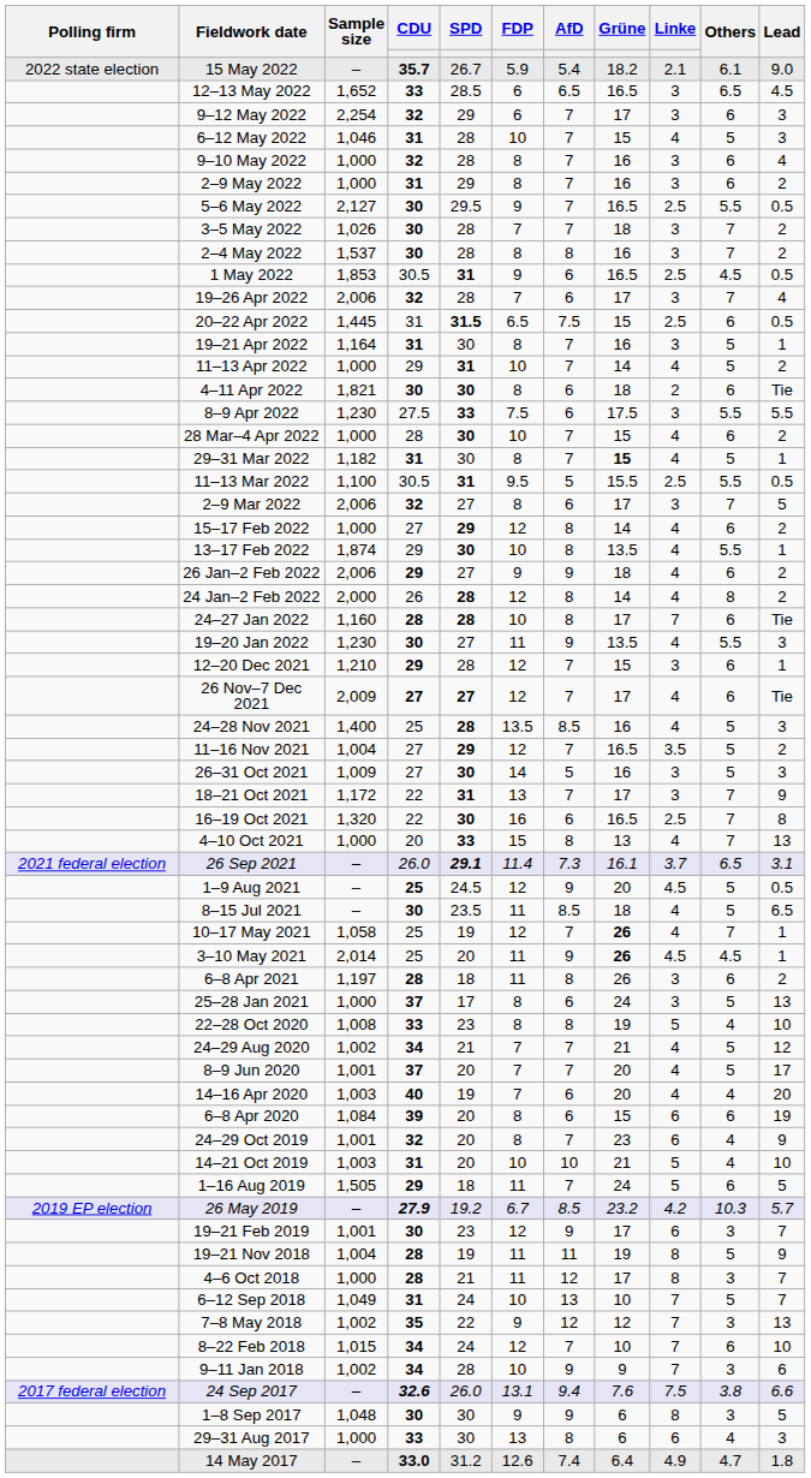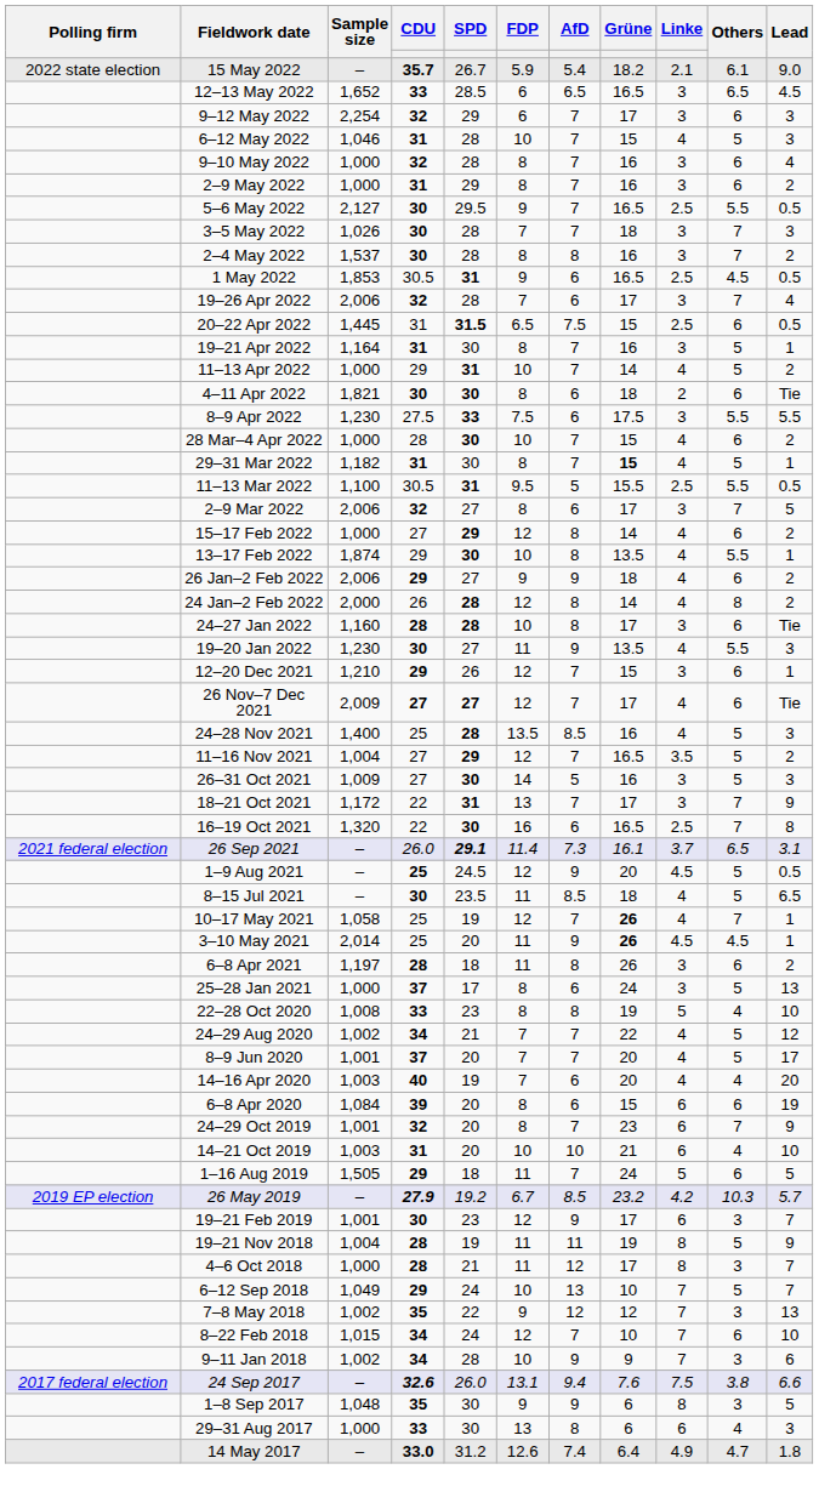 <table class="wikitable sortable" style="text-align:center;font-size:90%;line-height:14px;">
 <tr style="height:40px;">
 <th style="width:150px;" rowspan="2">Polling firm</th>
 <th style="width:125px;" rowspan="2">Fieldwork date</th>
 <th style="width:35px;" rowspan="2">Sample<br>size</th>
 <th class="unsortable" style="width:40px;"><a href='#'>CDU</a></th>
 <th class="unsortable" style="width:40px;"><a href='#'>SPD</a></th>
 <th class="unsortable" style="width:40px;"><a href='#'>FDP</a></th>
 <th class="unsortable" style="width:40px;"><a href='#'>AfD</a></th>
 <th class="unsortable" style="width:40px;"><a href='#'>Grüne</a></th>
 <th class="unsortable" style="width:40px;"><a href='#'>Linke</a></th>
 <th class="unsortable" style="width:40px;" rowspan="2">Others</th>
 <th style="width:30px;" rowspan="2">Lead</th>
 </tr>
 <tr>
 <th style="background:"></th>
 <th style="background:"></th>
 <th style="background:"></th>
 <th style="background:"></th>
 <th style="background:"></th>
 <th style="background:"></th>
 </tr>
 <tr style="background:#E9E9E9;">
 <td>2022 state election</td>
 <td data-sort-value="2022-05-15">15 May 2022</td>
 <td>–</td>
 <td><strong>35.7</strong></td>
 <td>26.7</td>
 <td>5.9</td>
 <td>5.4</td>
 <td>18.2</td>
 <td>2.1</td>
 <td>6.1</td>
 <td style="background:">9.0</td>
 </tr>
 <tr>
 <td></td>
 <td>12–13 May 2022</td>
 <td>1,652</td>
 <td><strong>33</strong></td>
 <td>28.5</td>
 <td>6</td>
 <td>6.5</td>
 <td>16.5</td>
 <td>3</td>
 <td>6.5</td>
 <td style="background:">4.5</td>
 </tr>
 <tr>
 <td></td>
 <td>9–12 May 2022</td>
 <td>2,254</td>
 <td><strong>32</strong></td>
 <td>29</td>
 <td>6</td>
 <td>7</td>
 <td>17</td>
 <td>3</td>
 <td>6</td>
 <td style="background:">3</td>
 </tr>
 <tr>
 <td></td>
 <td>6–12 May 2022</td>
 <td>1,046</td>
 <td><strong>31</strong></td>
 <td>28</td>
 <td>10</td>
 <td>7</td>
 <td>15</td>
 <td>4</td>
 <td>5</td>
 <td style="background:">3</td>
 </tr>
 <tr>
 <td></td>
 <td>9–10 May 2022</td>
 <td>1,000</td>
 <td><strong>32</strong></td>
 <td>28</td>
 <td>8</td>
 <td>7</td>
 <td>16</td>
 <td>3</td>
 <td>6</td>
 <td style="background:">4</td>
 </tr>
 <tr>
 <td></td>
 <td>2–9 May 2022</td>
 <td>1,000</td>
 <td><strong>31</strong></td>
 <td>29</td>
 <td>8</td>
 <td>7</td>
 <td>16</td>
 <td>3</td>
 <td>6</td>
 <td style="background:">2</td>
 </tr>
 <tr>
 <td></td>
 <td>5–6 May 2022</td>
 <td>2,127</td>
 <td><strong>30</strong></td>
 <td>29.5</td>
 <td>9</td>
 <td>7</td>
 <td>16.5</td>
 <td>2.5</td>
 <td>5.5</td>
 <td style="background:">0.5</td>
 </tr>
 <tr>
 <td></td>
 <td>3–5 May 2022</td>
 <td>1,026</td>
 <td><strong>30</strong></td>
 <td>28</td>
 <td>7</td>
 <td>7</td>
 <td>18</td>
 <td>3</td>
 <td>7</td>
-<td style="background:">2</td>
+<td style="background:">3</td>
 </tr>
 <tr>
 <td></td>
 <td>2–4 May 2022</td>
 <td>1,537</td>
 <td><strong>30</strong></td>
 <td>28</td>
 <td>8</td>
 <td>8</td>
 <td>16</td>
 <td>3</td>
 <td>7</td>
 <td style="background:">2</td>
 </tr>
 <tr>
 <td></td>
 <td>1 May 2022</td>
 <td>1,853</td>
 <td>30.5</td>
 <td><strong>31</strong></td>
 <td>9</td>
 <td>6</td>
 <td>16.5</td>
 <td>2.5</td>
 <td>4.5</td>
 <td style="background:">0.5</td>
 </tr>
 <tr>
 <td></td>
 <td>19–26 Apr 2022</td>
 <td>2,006</td>
 <td><strong>32</strong></td>
 <td>28</td>
 <td>7</td>
 <td>6</td>
 <td>17</td>
 <td>3</td>
 <td>7</td>
 <td style="background:">4</td>
 </tr>
 <tr>
 <td></td>
 <td>20–22 Apr 2022</td>
 <td>1,445</td>
 <td>31</td>
 <td><strong>31.5</strong></td>
 <td>6.5</td>
 <td>7.5</td>
 <td>15</td>
 <td>2.5</td>
 <td>6</td>
 <td style="background:">0.5</td>
 </tr>
 <tr>
 <td></td>
 <td>19–21 Apr 2022</td>
 <td>1,164</td>
 <td><strong>31</strong></td>
 <td>30</td>
 <td>8</td>
 <td>7</td>
 <td>16</td>
 <td>3</td>
 <td>5</td>
 <td style="background:">1</td>
 </tr>
 <tr>
 <td></td>
 <td>11–13 Apr 2022</td>
 <td>1,000</td>
 <td>29</td>
 <td><strong>31</strong></td>
 <td>10</td>
 <td>7</td>
 <td>14</td>
 <td>4</td>
 <td>5</td>
 <td style="background:">2</td>
 </tr>
 <tr>
 <td></td>
 <td>4–11 Apr 2022</td>
 <td>1,821</td>
 <td><strong>30</strong></td>
 <td><strong>30</strong></td>
 <td>8</td>
 <td>6</td>
 <td>18</td>
 <td>2</td>
 <td>6</td>
 <td>Tie</td>
 </tr>
 <tr>
 <td></td>
 <td>8–9 Apr 2022</td>
 <td>1,230</td>
 <td>27.5</td>
 <td><strong>33</strong></td>
 <td>7.5</td>
 <td>6</td>
 <td>17.5</td>
 <td>3</td>
 <td>5.5</td>
 <td style="background:">5.5</td>
 </tr>
 <tr>
 <td></td>
 <td>28 Mar–4 Apr 2022</td>
 <td>1,000</td>
 <td>28</td>
 <td><strong>30</strong></td>
 <td>10</td>
 <td>7</td>
 <td>15</td>
 <td>4</td>
 <td>6</td>
 <td style="background:">2</td>
 </tr>
 <tr>
 <td></td>
 <td>29–31 Mar 2022</td>
 <td>1,182</td>
 <td><strong>31</strong></td>
 <td>30</td>
 <td>8</td>
 <td>7</td>
 <td><strong>15</strong></td>
 <td>4</td>
 <td>5</td>
 <td style="background:">1</td>
 </tr>
 <tr>
 <td></td>
 <td>11–13 Mar 2022</td>
 <td>1,100</td>
 <td>30.5</td>
 <td><strong>31</strong></td>
 <td>9.5</td>
 <td>5</td>
 <td>15.5</td>
 <td>2.5</td>
 <td>5.5</td>
 <td style="background:">0.5</td>
 </tr>
 <tr>
 <td></td>
 <td>2–9 Mar 2022</td>
 <td>2,006</td>
 <td><strong>32</strong></td>
 <td>27</td>
 <td>8</td>
 <td>6</td>
 <td>17</td>
 <td>3</td>
 <td>7</td>
 <td style="background:">5</td>
 </tr>
 <tr>
 <td></td>
 <td>15–17 Feb 2022</td>
 <td>1,000</td>
 <td>27</td>
 <td><strong>29</strong></td>
 <td>12</td>
 <td>8</td>
 <td>14</td>
 <td>4</td>
 <td>6</td>
 <td style="background:">2</td>
 </tr>
 <tr>
 <td></td>
 <td>13–17 Feb 2022</td>
 <td>1,874</td>
 <td>29</td>
 <td><strong>30</strong></td>
 <td>10</td>
 <td>8</td>
 <td>13.5</td>
 <td>4</td>
 <td>5.5</td>
 <td style="background:">1</td>
 </tr>
 <tr>
 <td></td>
 <td>26 Jan–2 Feb 2022</td>
 <td>2,006</td>
 <td><strong>29</strong></td>
 <td>27</td>
 <td>9</td>
 <td>9</td>
 <td>18</td>
 <td>4</td>
 <td>6</td>
 <td style="background:">2</td>
 </tr>
 <tr>
 <td></td>
 <td>24 Jan–2 Feb 2022</td>
 <td>2,000</td>
 <td>26</td>
 <td><strong>28</strong></td>
 <td>12</td>
 <td>8</td>
 <td>14</td>
 <td>4</td>
 <td>8</td>
 <td style="background:">2</td>
 </tr>
 <tr>
 <td></td>
 <td>24–27 Jan 2022</td>
 <td>1,160</td>
 <td><strong>28</strong></td>
 <td><strong>28</strong></td>
 <td>10</td>
 <td>8</td>
 <td>17</td>
-<td>7</td>
+<td>3</td>
 <td>6</td>
 <td>Tie</td>
 </tr>
 <tr>
 <td></td>
 <td>19–20 Jan 2022</td>
 <td>1,230</td>
 <td><strong>30</strong></td>
 <td>27</td>
 <td>11</td>
 <td>9</td>
 <td>13.5</td>
 <td>4</td>
 <td>5.5</td>
 <td style="background:">3</td>
 </tr>
 <tr>
 <td></td>
 <td data-sort-value="2021-12-20">12–20 Dec 2021</td>
 <td>1,210</td>
 <td><strong>29</strong></td>
-<td>28</td>
+<td>26</td>
 <td>12</td>
 <td>7</td>
 <td>15</td>
 <td>3</td>
 <td>6</td>
 <td style="background:">1</td>
 </tr>
 <tr>
 <td></td>
 <td data-sort-value="2021-12-07">26 Nov–7 Dec 2021</td>
 <td>2,009</td>
 <td><strong>27</strong></td>
 <td><strong>27</strong></td>
 <td>12</td>
 <td>7</td>
 <td>17</td>
 <td>4</td>
 <td>6</td>
 <td>Tie</td>
 </tr>
 <tr>
 <td></td>
 <td data-sort-value="2021-11-28">24–28 Nov 2021</td>
 <td>1,400</td>
 <td>25</td>
 <td><strong>28</strong></td>
 <td>13.5</td>
 <td>8.5</td>
 <td>16</td>
 <td>4</td>
 <td>5</td>
 <td style="background:">3</td>
 </tr>
 <tr>
 <td></td>
 <td data-sort-value="2021-11-16">11–16 Nov 2021</td>
 <td>1,004</td>
 <td>27</td>
 <td><strong>29</strong></td>
 <td>12</td>
 <td>7</td>
 <td>16.5</td>
 <td>3.5</td>
 <td>5</td>
 <td style="background:">2</td>
 </tr>
 <tr>
 <td></td>
 <td data-sort-value="2021-10-31">26–31 Oct 2021</td>
 <td>1,009</td>
 <td>27</td>
 <td><strong>30</strong></td>
 <td>14</td>
 <td>5</td>
 <td>16</td>
 <td>3</td>
 <td>5</td>
 <td style="background:">3</td>
 </tr>
 <tr>
 <td></td>
 <td data-sort-value="2021-10-21">18–21 Oct 2021</td>
 <td>1,172</td>
 <td>22</td>
 <td><strong>31</strong></td>
 <td>13</td>
 <td>7</td>
 <td>17</td>
 <td>3</td>
 <td>7</td>
 <td style="background:">9</td>
 </tr>
 <tr>
 <td></td>
 <td data-sort-value="2021-10-19">16–19 Oct 2021</td>
 <td>1,320</td>
 <td>22</td>
 <td><strong>30</strong></td>
 <td>16</td>
 <td>6</td>
 <td>16.5</td>
 <td>2.5</td>
 <td>7</td>
 <td style="background:">8</td>
-</tr>
-<tr>
-<td></td>
-<td data-sort-value="2021-10-12">4–10 Oct 2021</td>
-<td>1,000</td>
-<td>20</td>
-<td><strong>33</strong></td>
-<td>15</td>
-<td>8</td>
-<td>13</td>
-<td>4</td>
-<td>7</td>
-<td style="background:">13</td>
 </tr>
 <tr style="background:#E5E5F5;font-style:italic;">
 <td><a href='#'>2021 federal election</a></td>
 <td data-sort-value="2021-09-26">26 Sep 2021</td>
 <td>–</td>
 <td>26.0</td>
 <td><strong>29.1</strong></td>
 <td>11.4</td>
 <td>7.3</td>
 <td>16.1</td>
 <td>3.7</td>
 <td>6.5</td>
 <td style="background:">3.1</td>
 </tr>
 <tr>
 <td></td>
 <td data-sort-value="2021-08-09">1–9 Aug 2021</td>
 <td>–</td>
 <td><strong>25</strong></td>
 <td>24.5</td>
 <td>12</td>
 <td>9</td>
 <td>20</td>
 <td>4.5</td>
 <td>5</td>
 <td style="background:">0.5</td>
 </tr>
 <tr>
 <td></td>
 <td data-sort-value="2021-07-15">8–15 Jul 2021</td>
 <td>–</td>
 <td><strong>30</strong></td>
 <td>23.5</td>
 <td>11</td>
 <td>8.5</td>
 <td>18</td>
 <td>4</td>
 <td>5</td>
 <td style="background:">6.5</td>
 </tr>
 <tr>
 <td></td>
 <td data-sort-value="2021-05-19">10–17 May 2021</td>
 <td>1,058</td>
 <td>25</td>
 <td>19</td>
 <td>12</td>
 <td>7</td>
 <td><strong>26</strong></td>
 <td>4</td>
 <td>7</td>
 <td style="background:">1</td>
 </tr>
 <tr>
 <td></td>
 <td data-sort-value="2021-05-11">3–10 May 2021</td>
 <td>2,014</td>
 <td>25</td>
 <td>20</td>
 <td>11</td>
 <td>9</td>
 <td><strong>26</strong></td>
 <td>4.5</td>
 <td>4.5</td>
 <td style="background:">1</td>
 </tr>
 <tr>
 <td></td>
 <td data-sort-value="2021-04-11">6–8 Apr 2021</td>
 <td>1,197</td>
 <td><strong>28</strong></td>
 <td>18</td>
 <td>11</td>
 <td>8</td>
 <td>26</td>
 <td>3</td>
 <td>6</td>
 <td style="background:">2</td>
 </tr>
 <tr>
 <td></td>
 <td data-sort-value="2021-01-31">25–28 Jan 2021</td>
 <td>1,000</td>
 <td><strong>37</strong></td>
 <td>17</td>
 <td>8</td>
 <td>6</td>
 <td>24</td>
 <td>3</td>
 <td>5</td>
 <td style="background:">13</td>
 </tr>
 <tr>
 <td></td>
 <td data-sort-value="2020-10-31">22–28 Oct 2020</td>
 <td>1,008</td>
 <td><strong>33</strong></td>
 <td>23</td>
 <td>8</td>
 <td>8</td>
 <td>19</td>
 <td>5</td>
 <td>4</td>
 <td style="background:">10</td>
 </tr>
 <tr>
 <td></td>
 <td data-sort-value="2020-09-02">24–29 Aug 2020</td>
 <td>1,002</td>
 <td><strong>34</strong></td>
 <td>21</td>
 <td>7</td>
 <td>7</td>
-<td>21</td>
+<td>22</td>
 <td>4</td>
 <td>5</td>
 <td style="background:">12</td>
 </tr>
 <tr>
 <td></td>
 <td data-sort-value="2020-06-14">8–9 Jun 2020</td>
 <td>1,001</td>
 <td><strong>37</strong></td>
 <td>20</td>
 <td>7</td>
 <td>7</td>
 <td>20</td>
 <td>4</td>
 <td>5</td>
 <td style="background:">17</td>
 </tr>
 <tr>
 <td></td>
 <td data-sort-value="2020-04-19">14–16 Apr 2020</td>
 <td>1,003</td>
 <td><strong>40</strong></td>
 <td>19</td>
 <td>7</td>
 <td>6</td>
 <td>20</td>
 <td>4</td>
 <td>4</td>
 <td style="background:">20</td>
 </tr>
 <tr>
 <td></td>
 <td data-sort-value="2020-04-10">6–8 Apr 2020</td>
 <td>1,084</td>
 <td><strong>39</strong></td>
 <td>20</td>
 <td>8</td>
 <td>6</td>
 <td>15</td>
 <td>6</td>
 <td>6</td>
 <td style="background:">19</td>
 </tr>
 <tr>
 <td></td>
 <td data-sort-value="2019-11-03">24–29 Oct 2019</td>
 <td>1,001</td>
 <td><strong>32</strong></td>
 <td>20</td>
 <td>8</td>
 <td>7</td>
 <td>23</td>
 <td>6</td>
-<td>4</td>
+<td>7</td>
 <td style="background:">9</td>
 </tr>
 <tr>
 <td></td>
 <td data-sort-value="2019-11-02">14–21 Oct 2019</td>
 <td>1,003</td>
 <td><strong>31</strong></td>
 <td>20</td>
 <td>10</td>
 <td>10</td>
 <td>21</td>
-<td>5</td>
+<td>6</td>
 <td>4</td>
 <td style="background:">10</td>
 </tr>
 <tr>
 <td></td>
 <td data-sort-value="2019-08-17">1–16 Aug 2019</td>
 <td>1,505</td>
 <td><strong>29</strong></td>
 <td>18</td>
 <td>11</td>
 <td>7</td>
 <td>24</td>
 <td>5</td>
 <td>6</td>
 <td style="background:">5</td>
 </tr>
 <tr style="background:#E5E5F5;font-style:italic;">
 <td><a href='#'>2019 EP election</a></td>
 <td data-sort-value="2019-05-26">26 May 2019</td>
 <td>–</td>
 <td><strong>27.9</strong></td>
 <td>19.2</td>
 <td>6.7</td>
 <td>8.5</td>
 <td>23.2</td>
 <td>4.2</td>
 <td>10.3</td>
 <td style="background:">5.7</td>
 </tr>
 <tr>
 <td></td>
 <td data-sort-value="2019-02-24">19–21 Feb 2019</td>
 <td>1,001</td>
 <td><strong>30</strong></td>
 <td>23</td>
 <td>12</td>
 <td>9</td>
 <td>17</td>
 <td>6</td>
 <td>3</td>
 <td style="background:">7</td>
 </tr>
 <tr>
 <td></td>
 <td data-sort-value="2018-11-25">19–21 Nov 2018</td>
 <td>1,004</td>
 <td><strong>28</strong></td>
 <td>19</td>
 <td>11</td>
 <td>11</td>
 <td>19</td>
 <td>8</td>
 <td>5</td>
 <td style="background:">9</td>
 </tr>
 <tr>
 <td></td>
 <td data-sort-value="2018-10-07">4–6 Oct 2018</td>
 <td>1,000</td>
 <td><strong>28</strong></td>
 <td>21</td>
 <td>11</td>
 <td>12</td>
 <td>17</td>
 <td>8</td>
 <td>3</td>
 <td style="background:">7</td>
 </tr>
 <tr>
 <td></td>
 <td data-sort-value="2018-09-19">6–12 Sep 2018</td>
 <td>1,049</td>
-<td><strong>31</strong></td>
+<td><strong>29</strong></td>
 <td>24</td>
 <td>10</td>
 <td>13</td>
 <td>10</td>
 <td>7</td>
 <td>5</td>
 <td style="background:">7</td>
 </tr>
 <tr>
 <td></td>
 <td data-sort-value="2018-05-13">7–8 May 2018</td>
 <td>1,002</td>
 <td><strong>35</strong></td>
 <td>22</td>
 <td>9</td>
 <td>12</td>
 <td>12</td>
 <td>7</td>
 <td>3</td>
 <td style="background:">13</td>
 </tr>
 <tr>
 <td></td>
 <td data-sort-value="2018-02-25">8–22 Feb 2018</td>
 <td>1,015</td>
 <td><strong>34</strong></td>
 <td>24</td>
 <td>12</td>
 <td>7</td>
 <td>10</td>
 <td>7</td>
 <td>6</td>
 <td style="background:">10</td>
 </tr>
 <tr>
 <td></td>
 <td data-sort-value="2018-01-14">9–11 Jan 2018</td>
 <td>1,002</td>
 <td><strong>34</strong></td>
 <td>28</td>
 <td>10</td>
 <td>9</td>
 <td>9</td>
 <td>7</td>
 <td>3</td>
 <td style="background:">6</td>
 </tr>
 <tr style="background:#E5E5F5;font-style:italic;">
 <td><a href='#'>2017 federal election</a></td>
 <td data-sort-value="2017-09-26">24 Sep 2017</td>
 <td>–</td>
 <td><strong>32.6</strong></td>
 <td>26.0</td>
 <td>13.1</td>
 <td>9.4</td>
 <td>7.6</td>
 <td>7.5</td>
 <td>3.8</td>
 <td style="background:">6.6</td>
 </tr>
 <tr>
 <td></td>
 <td data-sort-value="2017-09-12">1–8 Sep 2017</td>
 <td>1,048</td>
-<td><strong>30</strong></td>
+<td><strong>35</strong></td>
 <td>30</td>
 <td>9</td>
 <td>9</td>
 <td>6</td>
 <td>8</td>
 <td>3</td>
 <td style="background:">5</td>
 </tr>
 <tr>
 <td></td>
 <td data-sort-value="2017-09-03">29–31 Aug 2017</td>
 <td>1,000</td>
 <td><strong>33</strong></td>
 <td>30</td>
 <td>13</td>
 <td>8</td>
 <td>6</td>
 <td>6</td>
 <td>4</td>
 <td style="background:">3</td>
 </tr>
 <tr style="background:#E9E9E9;">
 <td></td>
 <td data-sort-value="2017-05-14">14 May 2017</td>
 <td>–</td>
 <td><strong>33.0</strong></td>
 <td>31.2</td>
 <td>12.6</td>
 <td>7.4</td>
 <td>6.4</td>
 <td>4.9</td>
 <td>4.7</td>
 <td style="background:">1.8</td>
 </tr>
 </table>
